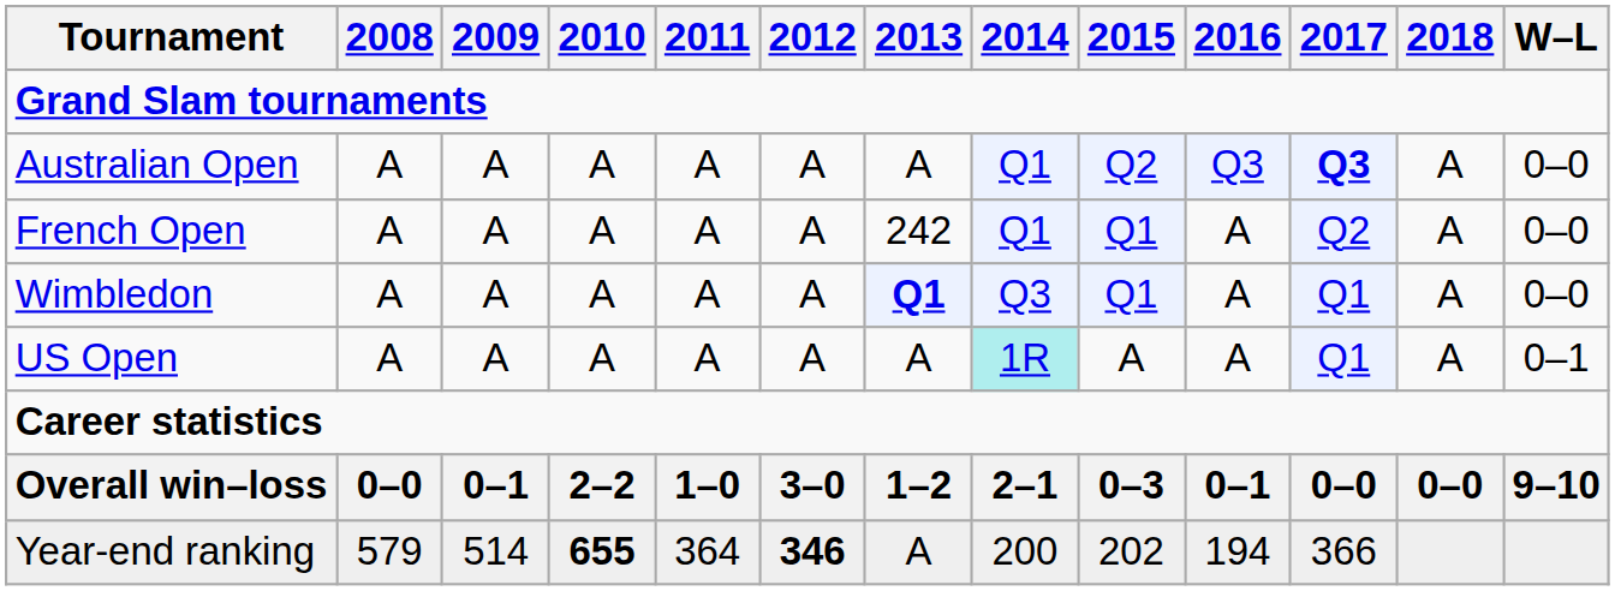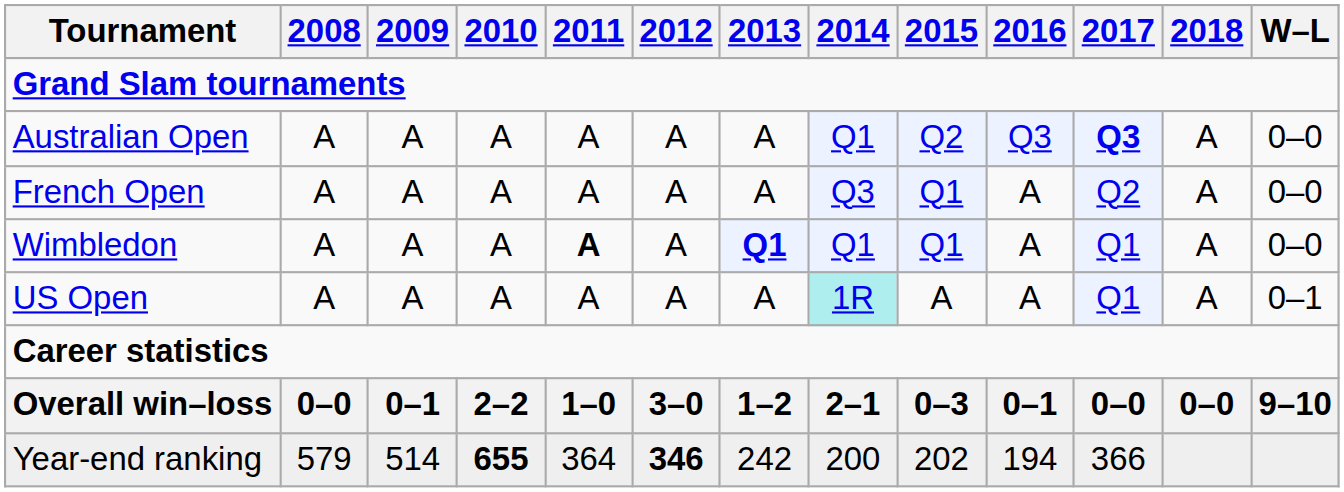 <table class=wikitable style=text-align:center;font-size:97%>
 <tr>
 <th>Tournament</th>
 <th><a href='#'>2008</a></th>
 <th><a href='#'>2009</a></th>
 <th><a href='#'>2010</a></th>
 <th><a href='#'>2011</a></th>
 <th><a href='#'>2012</a></th>
 <th><a href='#'>2013</a></th>
 <th><a href='#'>2014</a></th>
 <th><a href='#'>2015</a></th>
 <th><a href='#'>2016</a></th>
 <th><a href='#'>2017</a></th>
 <th><a href='#'>2018</a></th>
 <th>W–L</th>
 </tr>
 <tr>
 <td colspan=13 align=left><strong><a href='#'>Grand Slam tournaments</a></strong></td>
 </tr>
 <tr>
 <td align=left><a href='#'>Australian Open</a></td>
 <td>A</td>
 <td>A</td>
 <td>A</td>
 <td>A</td>
 <td>A</td>
 <td>A</td>
 <td style="background:#ecf2ff;"><a href='#'>Q1</a></td>
 <td style="background:#ecf2ff;"><a href='#'>Q2</a></td>
 <td style="background:#ecf2ff;"><a href='#'>Q3</a></td>
 <td style="background:#ecf2ff;"><strong><a href='#'>Q3</a></strong></td>
 <td>A</td>
 <td>0–0</td>
 </tr>
 <tr>
 <td align=left><a href='#'>French Open</a></td>
 <td>A</td>
 <td>A</td>
 <td>A</td>
 <td>A</td>
 <td>A</td>
-<td>242</td>
-<td style="background:#ecf2ff;"><a href='#'>Q1</a></td>
+<td>A</td>
+<td style="background:#ecf2ff;"><a href='#'>Q3</a></td>
 <td style="background:#ecf2ff;"><a href='#'>Q1</a></td>
 <td>A</td>
 <td style="background:#ecf2ff;"><a href='#'>Q2</a></td>
 <td>A</td>
 <td>0–0</td>
 </tr>
 <tr>
 <td align=left><a href='#'>Wimbledon</a></td>
 <td>A</td>
 <td>A</td>
 <td>A</td>
-<td>A</td>
+<td><strong>A</strong></td>
 <td>A</td>
 <td style="background:#ecf2ff;"><strong><a href='#'>Q1</a></strong></td>
-<td style="background:#ecf2ff;"><a href='#'>Q3</a></td>
+<td style="background:#ecf2ff;"><a href='#'>Q1</a></td>
 <td style="background:#ecf2ff;"><a href='#'>Q1</a></td>
 <td>A</td>
 <td style="background:#ecf2ff;"><a href='#'>Q1</a></td>
 <td>A</td>
 <td>0–0</td>
 </tr>
 <tr>
 <td align=left><a href='#'>US Open</a></td>
 <td>A</td>
 <td>A</td>
 <td>A</td>
 <td>A</td>
 <td>A</td>
 <td>A</td>
 <td style="background:#afeeee;"><a href='#'>1R</a></td>
 <td>A</td>
 <td>A</td>
 <td style="background:#ecf2ff;"><a href='#'>Q1</a></td>
 <td>A</td>
 <td>0–1</td>
 </tr>
 <tr>
 <td colspan=13 align=left><strong>Career statistics</strong></td>
 </tr>
 <tr>
 <th style=text-align:left>Overall win–loss</th>
 <th>0–0</th>
 <th>0–1</th>
 <th>2–2</th>
 <th>1–0</th>
 <th>3–0</th>
 <th>1–2</th>
 <th>2–1</th>
 <th>0–3</th>
 <th>0–1</th>
 <th>0–0</th>
 <th>0–0</th>
 <th>9–10</th>
 </tr>
 <tr bgcolor=efefef>
 <td align=left>Year-end ranking</td>
 <td>579</td>
 <td>514</td>
 <td><strong>655</strong></td>
 <td>364</td>
 <td><strong>346</strong></td>
-<td>A</td>
+<td>242</td>
 <td>200</td>
 <td>202</td>
 <td>194</td>
 <td>366</td>
 <td></td>
 <td></td>
 </tr>
 </table>
